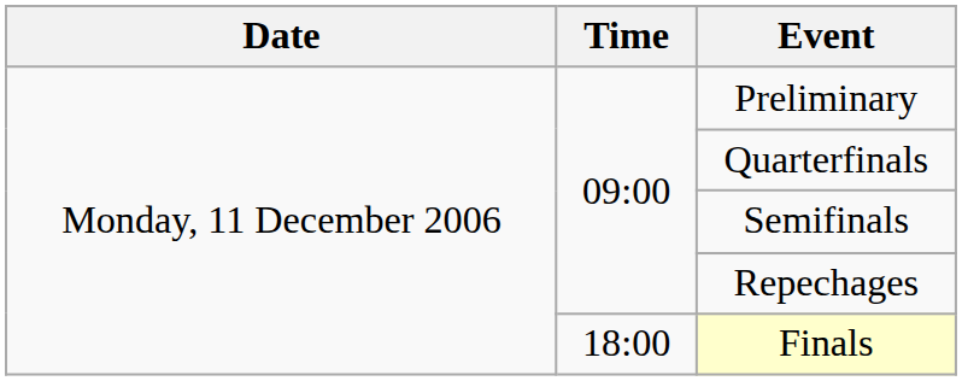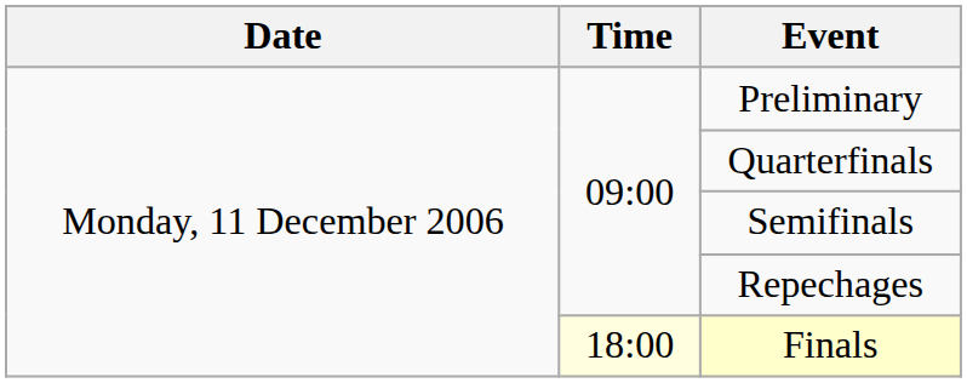 <table class = "wikitable" style="text-align:center;">
 <tr>
 <th width=220>Date</th>
 <th width=50>Time</th>
 <th width=100>Event</th>
 </tr>
 <tr>
 <td rowspan=5>Monday, 11 December 2006</td>
 <td rowspan=4>09:00</td>
 <td>Preliminary</td>
 </tr>
 <tr>
 <td>Quarterfinals</td>
 </tr>
 <tr>
 <td>Semifinals</td>
 </tr>
 <tr>
 <td>Repechages</td>
 </tr>
 <tr>
-<td>18:00</td>
+<td style="background: lightyellow;">18:00</td>
 <td bgcolor=ffffcc>Finals</td>
 </tr>
 </table>
